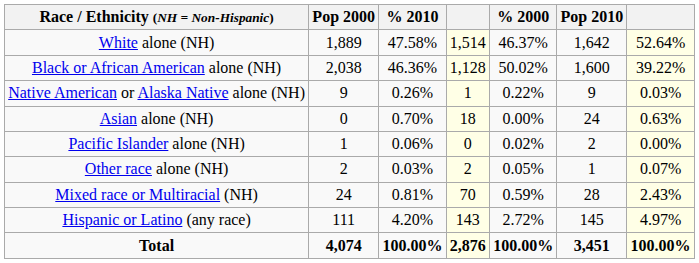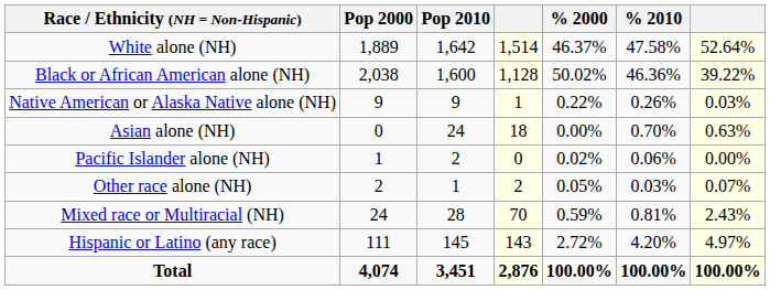 <table class="wikitable" style="text-align:center;">
 <tr>
 <th>Race / Ethnicity <small>(<em>NH = Non-Hispanic</em>)</small></th>
 <th>Pop 2000</th>
-<th>% 2010</th>
+<th>Pop 2010</th>
 <th></th>
 <th>% 2000</th>
-<th>Pop 2010</th>
+<th>% 2010</th>
 <th></th>
 </tr>
 <tr>
 <td><a href='#'>White</a> alone (NH)</td>
 <td>1,889</td>
-<td>47.58%</td>
+<td>1,642</td>
 <td style='background: #ffffe6;'>1,514</td>
 <td>46.37%</td>
-<td>1,642</td>
+<td>47.58%</td>
 <td style='background: #ffffe6;'>52.64%</td>
 </tr>
 <tr>
 <td><a href='#'>Black or African American</a> alone (NH)</td>
 <td>2,038</td>
-<td>46.36%</td>
+<td>1,600</td>
 <td style='background: #ffffe6;'>1,128</td>
 <td>50.02%</td>
-<td>1,600</td>
+<td>46.36%</td>
 <td style='background: #ffffe6;'>39.22%</td>
 </tr>
 <tr>
 <td><a href='#'>Native American</a> or <a href='#'>Alaska Native</a> alone (NH)</td>
 <td>9</td>
-<td>0.26%</td>
+<td>9</td>
 <td style='background: #ffffe6;'>1</td>
 <td>0.22%</td>
-<td>9</td>
+<td>0.26%</td>
 <td style='background: #ffffe6;'>0.03%</td>
 </tr>
 <tr>
 <td><a href='#'>Asian</a> alone (NH)</td>
 <td>0</td>
-<td>0.70%</td>
+<td>24</td>
 <td style='background: #ffffe6;'>18</td>
 <td>0.00%</td>
-<td>24</td>
+<td>0.70%</td>
 <td style='background: #ffffe6;'>0.63%</td>
 </tr>
 <tr>
 <td><a href='#'>Pacific Islander</a> alone (NH)</td>
 <td>1</td>
-<td>0.06%</td>
+<td>2</td>
 <td style='background: #ffffe6;'>0</td>
 <td>0.02%</td>
-<td>2</td>
+<td>0.06%</td>
 <td style='background: #ffffe6;'>0.00%</td>
 </tr>
 <tr>
 <td><a href='#'>Other race</a> alone (NH)</td>
 <td>2</td>
-<td>0.03%</td>
+<td>1</td>
 <td style='background: #ffffe6;'>2</td>
 <td>0.05%</td>
-<td>1</td>
+<td>0.03%</td>
 <td style='background: #ffffe6;'>0.07%</td>
 </tr>
 <tr>
 <td><a href='#'>Mixed race or Multiracial</a> (NH)</td>
 <td>24</td>
-<td>0.81%</td>
+<td>28</td>
 <td style='background: #ffffe6;'>70</td>
 <td>0.59%</td>
-<td>28</td>
+<td>0.81%</td>
 <td style='background: #ffffe6;'>2.43%</td>
 </tr>
 <tr>
 <td><a href='#'>Hispanic or Latino</a> (any race)</td>
 <td>111</td>
-<td>4.20%</td>
+<td>145</td>
 <td style='background: #ffffe6;'>143</td>
 <td>2.72%</td>
-<td>145</td>
+<td>4.20%</td>
 <td style='background: #ffffe6;'>4.97%</td>
 </tr>
 <tr>
 <td><strong>Total</strong></td>
 <td><strong>4,074</strong></td>
-<td><strong>100.00%</strong></td>
+<td><strong>3,451</strong></td>
 <td style='background: #ffffe6;'><strong>2,876</strong></td>
 <td><strong>100.00%</strong></td>
-<td><strong>3,451</strong></td>
+<td><strong>100.00%</strong></td>
 <td style='background: #ffffe6;'><strong>100.00%</strong></td>
 </tr>
 </table>
